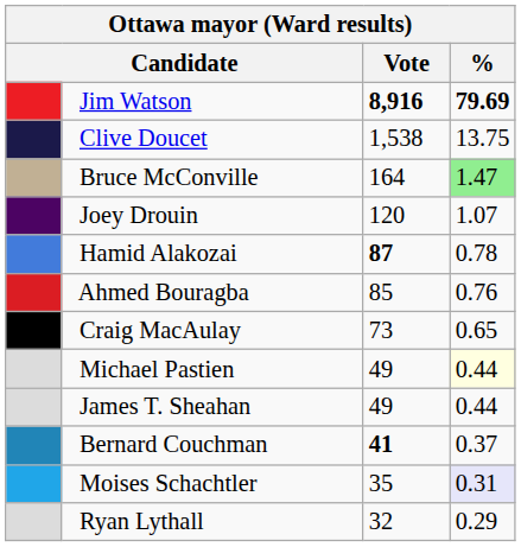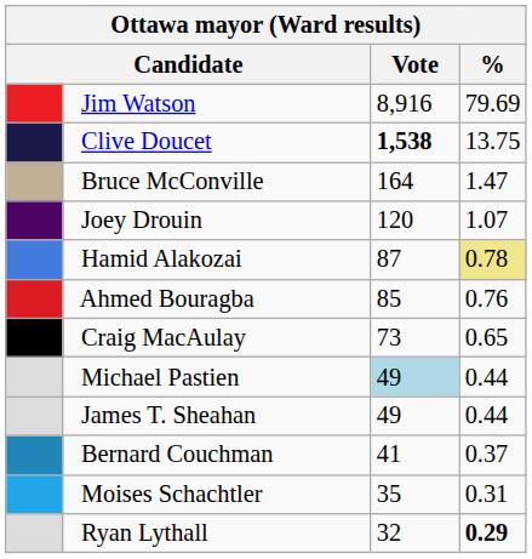 <table class="wikitable">
 <tr>
 <th colspan="4">Ottawa mayor (Ward results)</th>
 </tr>
 <tr>
 <th bgcolor="#DDDDFF" width="230px" colspan="2">Candidate</th>
 <th bgcolor="#DDDDFF" width="50px">Vote</th>
 <th bgcolor="#DDDDFF" width="30px">%</th>
 </tr>
 <tr>
 <td bgcolor=#ED1D24 width="30px"> </td>
 <td>  <a href='#'>Jim Watson</a></td>
-<td><strong>8,916</strong></td>
-<td><strong>79.69</strong></td>
+<td>8,916</td>
+<td>79.69</td>
 </tr>
 <tr>
 <td bgcolor=#1B194A width="30px"> </td>
 <td>  <a href='#'>Clive Doucet</a></td>
-<td>1,538</td>
+<td><strong>1,538</strong></td>
 <td>13.75</td>
 </tr>
 <tr>
 <td bgcolor=#C1B094 width="30px"> </td>
 <td>  Bruce McConville</td>
 <td>164</td>
-<td style="background: lightgreen;">1.47</td>
+<td>1.47</td>
 </tr>
 <tr>
 <td bgcolor=#4C0363 width="30px"> </td>
 <td>  Joey Drouin</td>
 <td>120</td>
 <td>1.07</td>
 </tr>
 <tr>
 <td bgcolor=#427BDB width="30px"> </td>
 <td>  Hamid Alakozai</td>
-<td><strong>87</strong></td>
-<td>0.78</td>
+<td>87</td>
+<td style="background: khaki;">0.78</td>
 </tr>
 <tr>
 <td bgcolor=#DB1D23 width="30px"> </td>
 <td>  Ahmed Bouragba</td>
 <td>85</td>
 <td>0.76</td>
 </tr>
 <tr>
 <td bgcolor=#000000 width="30px"> </td>
 <td>  Craig MacAulay</td>
 <td>73</td>
 <td>0.65</td>
 </tr>
 <tr>
 <td bgcolor=#DCDCDC width="30px"> </td>
 <td>  Michael Pastien</td>
-<td>49</td>
-<td style="background: lightyellow;">0.44</td>
+<td style="background: lightblue;">49</td>
+<td>0.44</td>
 </tr>
 <tr>
 <td bgcolor=#DCDCDC width="30px"> </td>
 <td>  James T. Sheahan</td>
 <td>49</td>
 <td>0.44</td>
 </tr>
 <tr>
 <td bgcolor=#2185B7 width="30px"> </td>
 <td>  Bernard Couchman</td>
-<td><strong>41</strong></td>
+<td>41</td>
 <td>0.37</td>
 </tr>
 <tr>
 <td bgcolor=#20A6E8 width="30px"> </td>
 <td>  Moises Schachtler</td>
 <td>35</td>
-<td style="background: lavender;">0.31</td>
+<td>0.31</td>
 </tr>
 <tr>
 <td bgcolor=#DCDCDC width="30px"> </td>
 <td>  Ryan Lythall</td>
 <td>32</td>
-<td>0.29</td>
+<td><strong>0.29</strong></td>
 </tr>
 </table>
